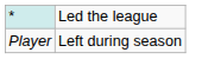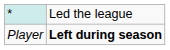 <table class="wikitable">
 <tr>
 <td style="background:#CFECEC; width:1em">*</td>
 <td>Led the league</td>
 </tr>
 <tr>
 <td><em>Player</em></td>
-<td>Left during season</td>
+<td><strong>Left during season</strong></td>
 </tr>
 </table>
